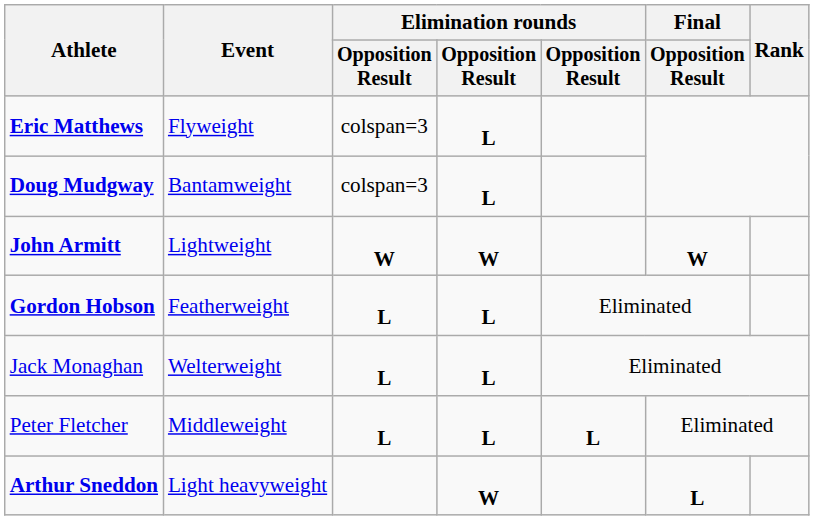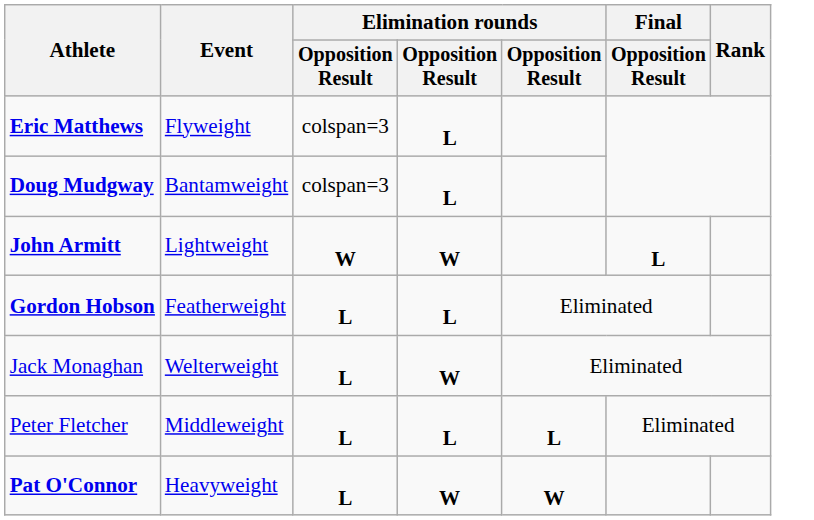 <table class=wikitable style="font-size:90%;text-align:center">
 <tr>
 <th rowspan="2">Athlete</th>
 <th rowspan="2">Event</th>
 <th colspan=3>Elimination rounds</th>
 <th>Final</th>
 <th rowspan=2>Rank</th>
 </tr>
 <tr style="font-size:95%">
 <th>Opposition<br>Result</th>
 <th>Opposition<br>Result</th>
 <th>Opposition<br>Result</th>
 <th>Opposition<br>Result</th>
 </tr>
 <tr>
 <td style="text-align:left;"><strong><a href='#'>Eric Matthews</a></strong></td>
 <td style="text-align:left;"><a href='#'>Flyweight</a></td>
 <td>colspan=3 </td>
 <td><br><strong>L</strong></td>
 <td></td>
 </tr>
 <tr>
 <td style="text-align:left;"><strong><a href='#'>Doug Mudgway</a></strong></td>
 <td style="text-align:left;"><a href='#'>Bantamweight</a></td>
 <td>colspan=3 </td>
 <td><br><strong>L</strong></td>
 <td></td>
 </tr>
 <tr>
 <td style="text-align:left;"><strong><a href='#'>John Armitt</a></strong></td>
 <td style="text-align:left;"><a href='#'>Lightweight</a></td>
 <td><br><strong>W</strong></td>
 <td><br><strong>W</strong></td>
 <td></td>
-<td><br><strong>W</strong></td>
+<td><br><strong>L</strong></td>
 <td></td>
 </tr>
 <tr>
 <td style="text-align:left;"><strong><a href='#'>Gordon Hobson</a></strong></td>
 <td style="text-align:left;"><a href='#'>Featherweight</a></td>
 <td><br><strong>L</strong></td>
 <td><br><strong>L</strong></td>
 <td colspan=2>Eliminated</td>
 <td></td>
 </tr>
 <tr>
 <td style="text-align:left;"><a href='#'>Jack Monaghan</a></td>
 <td style="text-align:left;"><a href='#'>Welterweight</a></td>
 <td><br><strong>L</strong></td>
-<td><br><strong>L</strong></td>
+<td><br><strong>W</strong></td>
 <td colspan=3>Eliminated</td>
 </tr>
 <tr>
 <td style="text-align:left;"><a href='#'>Peter Fletcher</a></td>
 <td style="text-align:left;"><a href='#'>Middleweight</a></td>
 <td><br><strong>L</strong></td>
 <td><br><strong>L</strong></td>
 <td><br><strong>L</strong></td>
 <td colspan=2>Eliminated</td>
 </tr>
 <tr>
-<td style="text-align:left;"><strong><a href='#'>Arthur Sneddon</a></strong></td>
-<td style="text-align:left;"><a href='#'>Light heavyweight</a></td>
-<td></td>
+<td style="text-align:left;"><strong><a href='#'>Pat O'Connor</a></strong></td>
+<td style="text-align:left;"><a href='#'>Heavyweight</a></td>
+<td><br><strong>L</strong></td>
+<td><br><strong>W</strong></td>
 <td><br><strong>W</strong></td>
 <td></td>
-<td><br><strong>L</strong></td>
 <td></td>
 </tr>
 </table>
